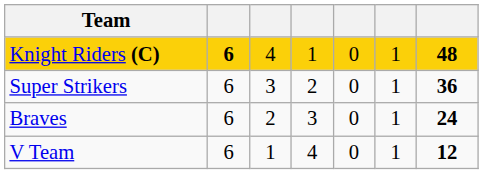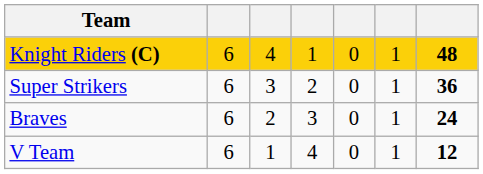 <table class="wikitable" style="text-align:center">
 <tr>
 <th width="150">Team</th>
 <th width="25"></th>
 <th width="25"></th>
 <th width="25"></th>
 <th width="25"></th>
 <th width="25"></th>
 <th width="40"></th>
 </tr>
 <tr style="background:#fbd009">
 <td style="text-align:left"><a href='#'>Knight Riders</a> <strong>(C)</strong></td>
-<td><strong>6</strong></td>
+<td>6</td>
 <td>4</td>
 <td>1</td>
 <td>0</td>
 <td>1</td>
 <td><strong>48</strong></td>
 </tr>
 <tr>
 <td style="text-align:left"><a href='#'>Super Strikers</a></td>
 <td>6</td>
 <td>3</td>
 <td>2</td>
 <td>0</td>
 <td>1</td>
 <td><strong>36</strong></td>
 </tr>
 <tr>
 <td style="text-align:left"><a href='#'>Braves</a></td>
 <td>6</td>
 <td>2</td>
 <td>3</td>
 <td>0</td>
 <td>1</td>
 <td><strong>24</strong></td>
 </tr>
 <tr>
 <td style="text-align:left"><a href='#'>V Team</a></td>
 <td>6</td>
 <td>1</td>
 <td>4</td>
 <td>0</td>
 <td>1</td>
 <td><strong>12</strong></td>
 </tr>
 </table>
